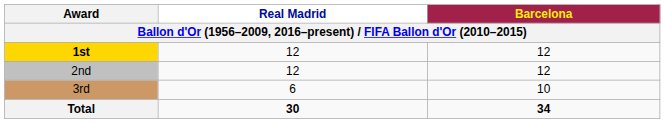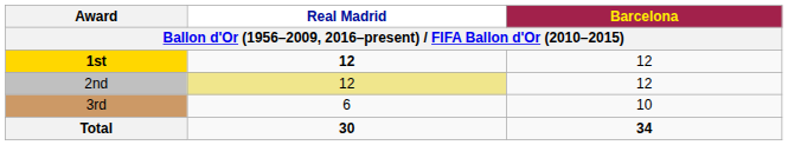 <table class="wikitable" style="font-size:99%; width: 99%; text-align: center;">
 <tr>
 <th>Award</th>
 <th style="color:#000c99; background:#fff;">Real Madrid</th>
 <th style="color:#fff000; background:#A2214B;">Barcelona</th>
 </tr>
 <tr>
 <th scope="row" style="text-align:center" colspan=3><a href='#'>Ballon d'Or</a> (1956–2009, 2016–present) / <a href='#'>FIFA Ballon d'Or</a> (2010–2015)</th>
 </tr>
 <tr>
 <td scope=col style="background-color:gold"><strong>1st</strong></td>
-<td align=center>12</td>
+<td align=center><strong>12</strong></td>
 <td align=center>12</td>
 </tr>
 <tr>
 <td scope=col style="background-color:silver">2nd</td>
-<td align=center>12</td>
+<td align=center style="background: khaki;">12</td>
 <td align=center>12</td>
 </tr>
 <tr>
 <td scope=col style="background-color:#cc9966">3rd</td>
 <td align=center>6</td>
 <td align=center>10</td>
 </tr>
 <tr>
 <th align=center>Total</th>
 <td align=center><strong>30</strong></td>
 <td align=center><strong>34</strong></td>
 </tr>
 </table>
